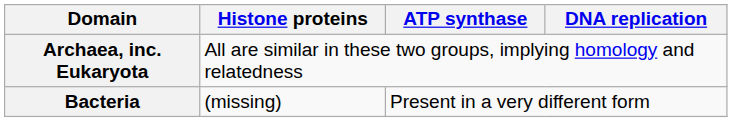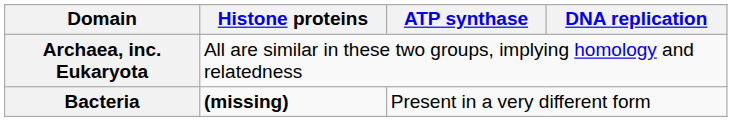 <table class="wikitable">
 <tr>
 <th>Domain</th>
 <th><a href='#'>Histone</a> proteins</th>
 <th><a href='#'>ATP synthase</a></th>
 <th><a href='#'>DNA replication</a></th>
 </tr>
 <tr>
 <th>Archaea, inc. Eukaryota</th>
 <td colspan=3>All are similar in these two groups, implying <a href='#'>homology</a> and relatedness</td>
 </tr>
 <tr>
 <th>Bacteria</th>
-<td>(missing)</td>
+<td><strong>(missing)</strong></td>
 <td colspan=2>Present in a very different form</td>
 </tr>
 </table>
